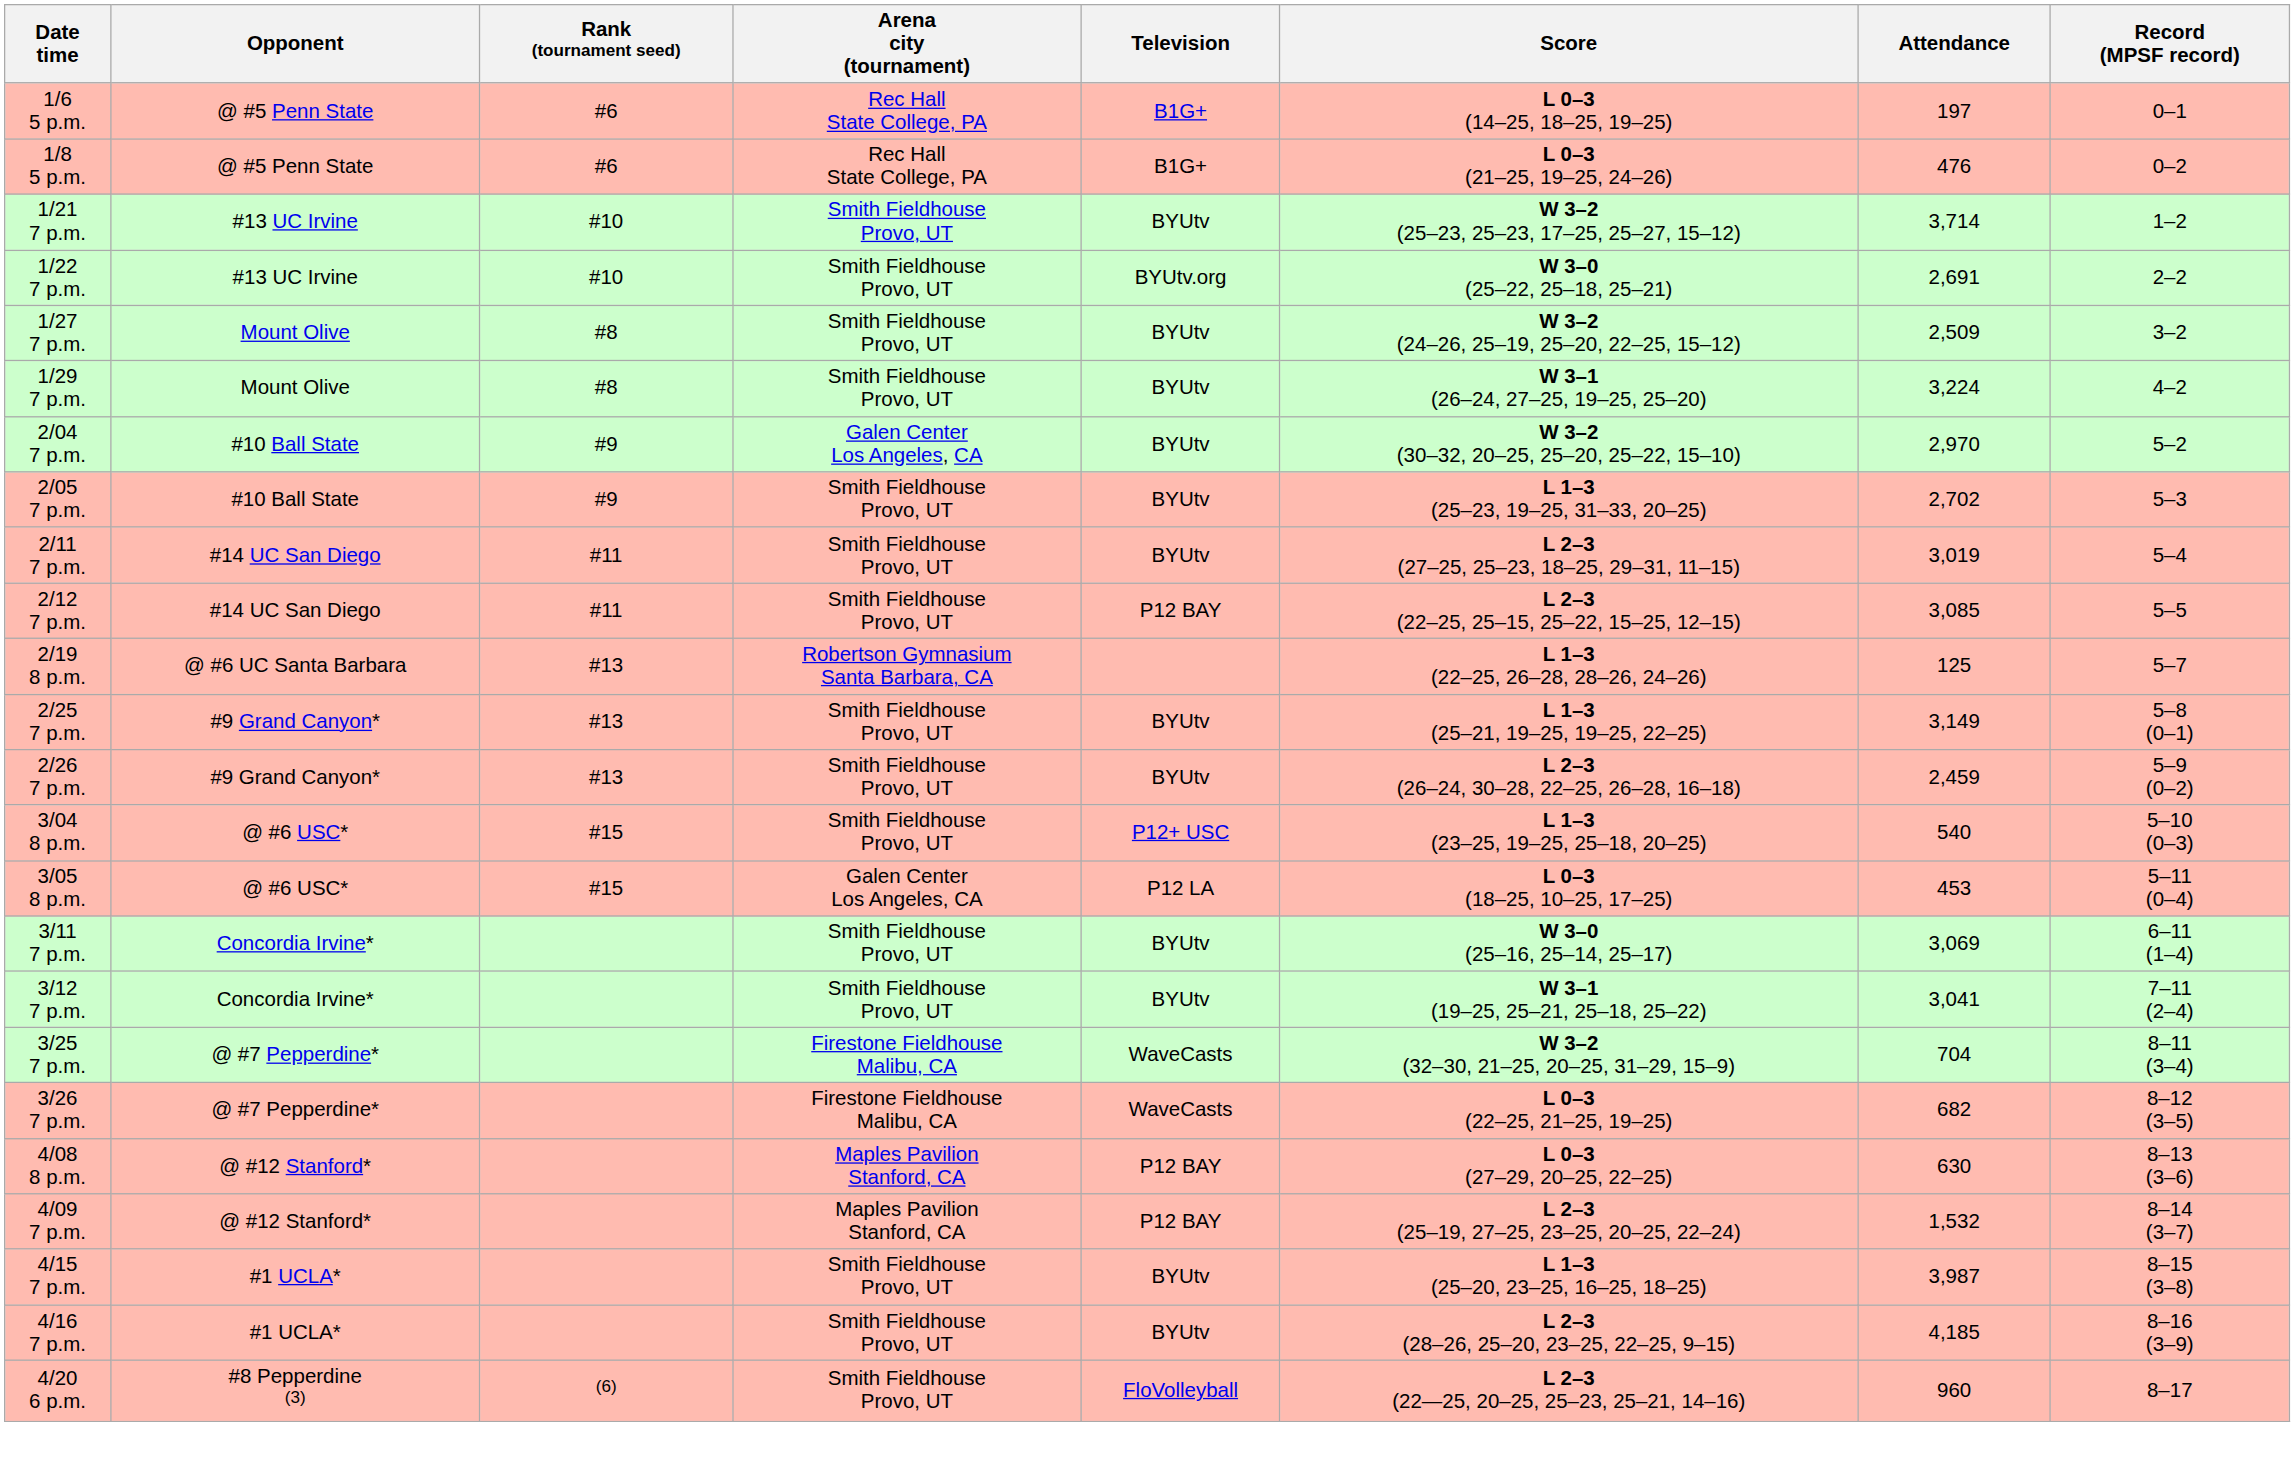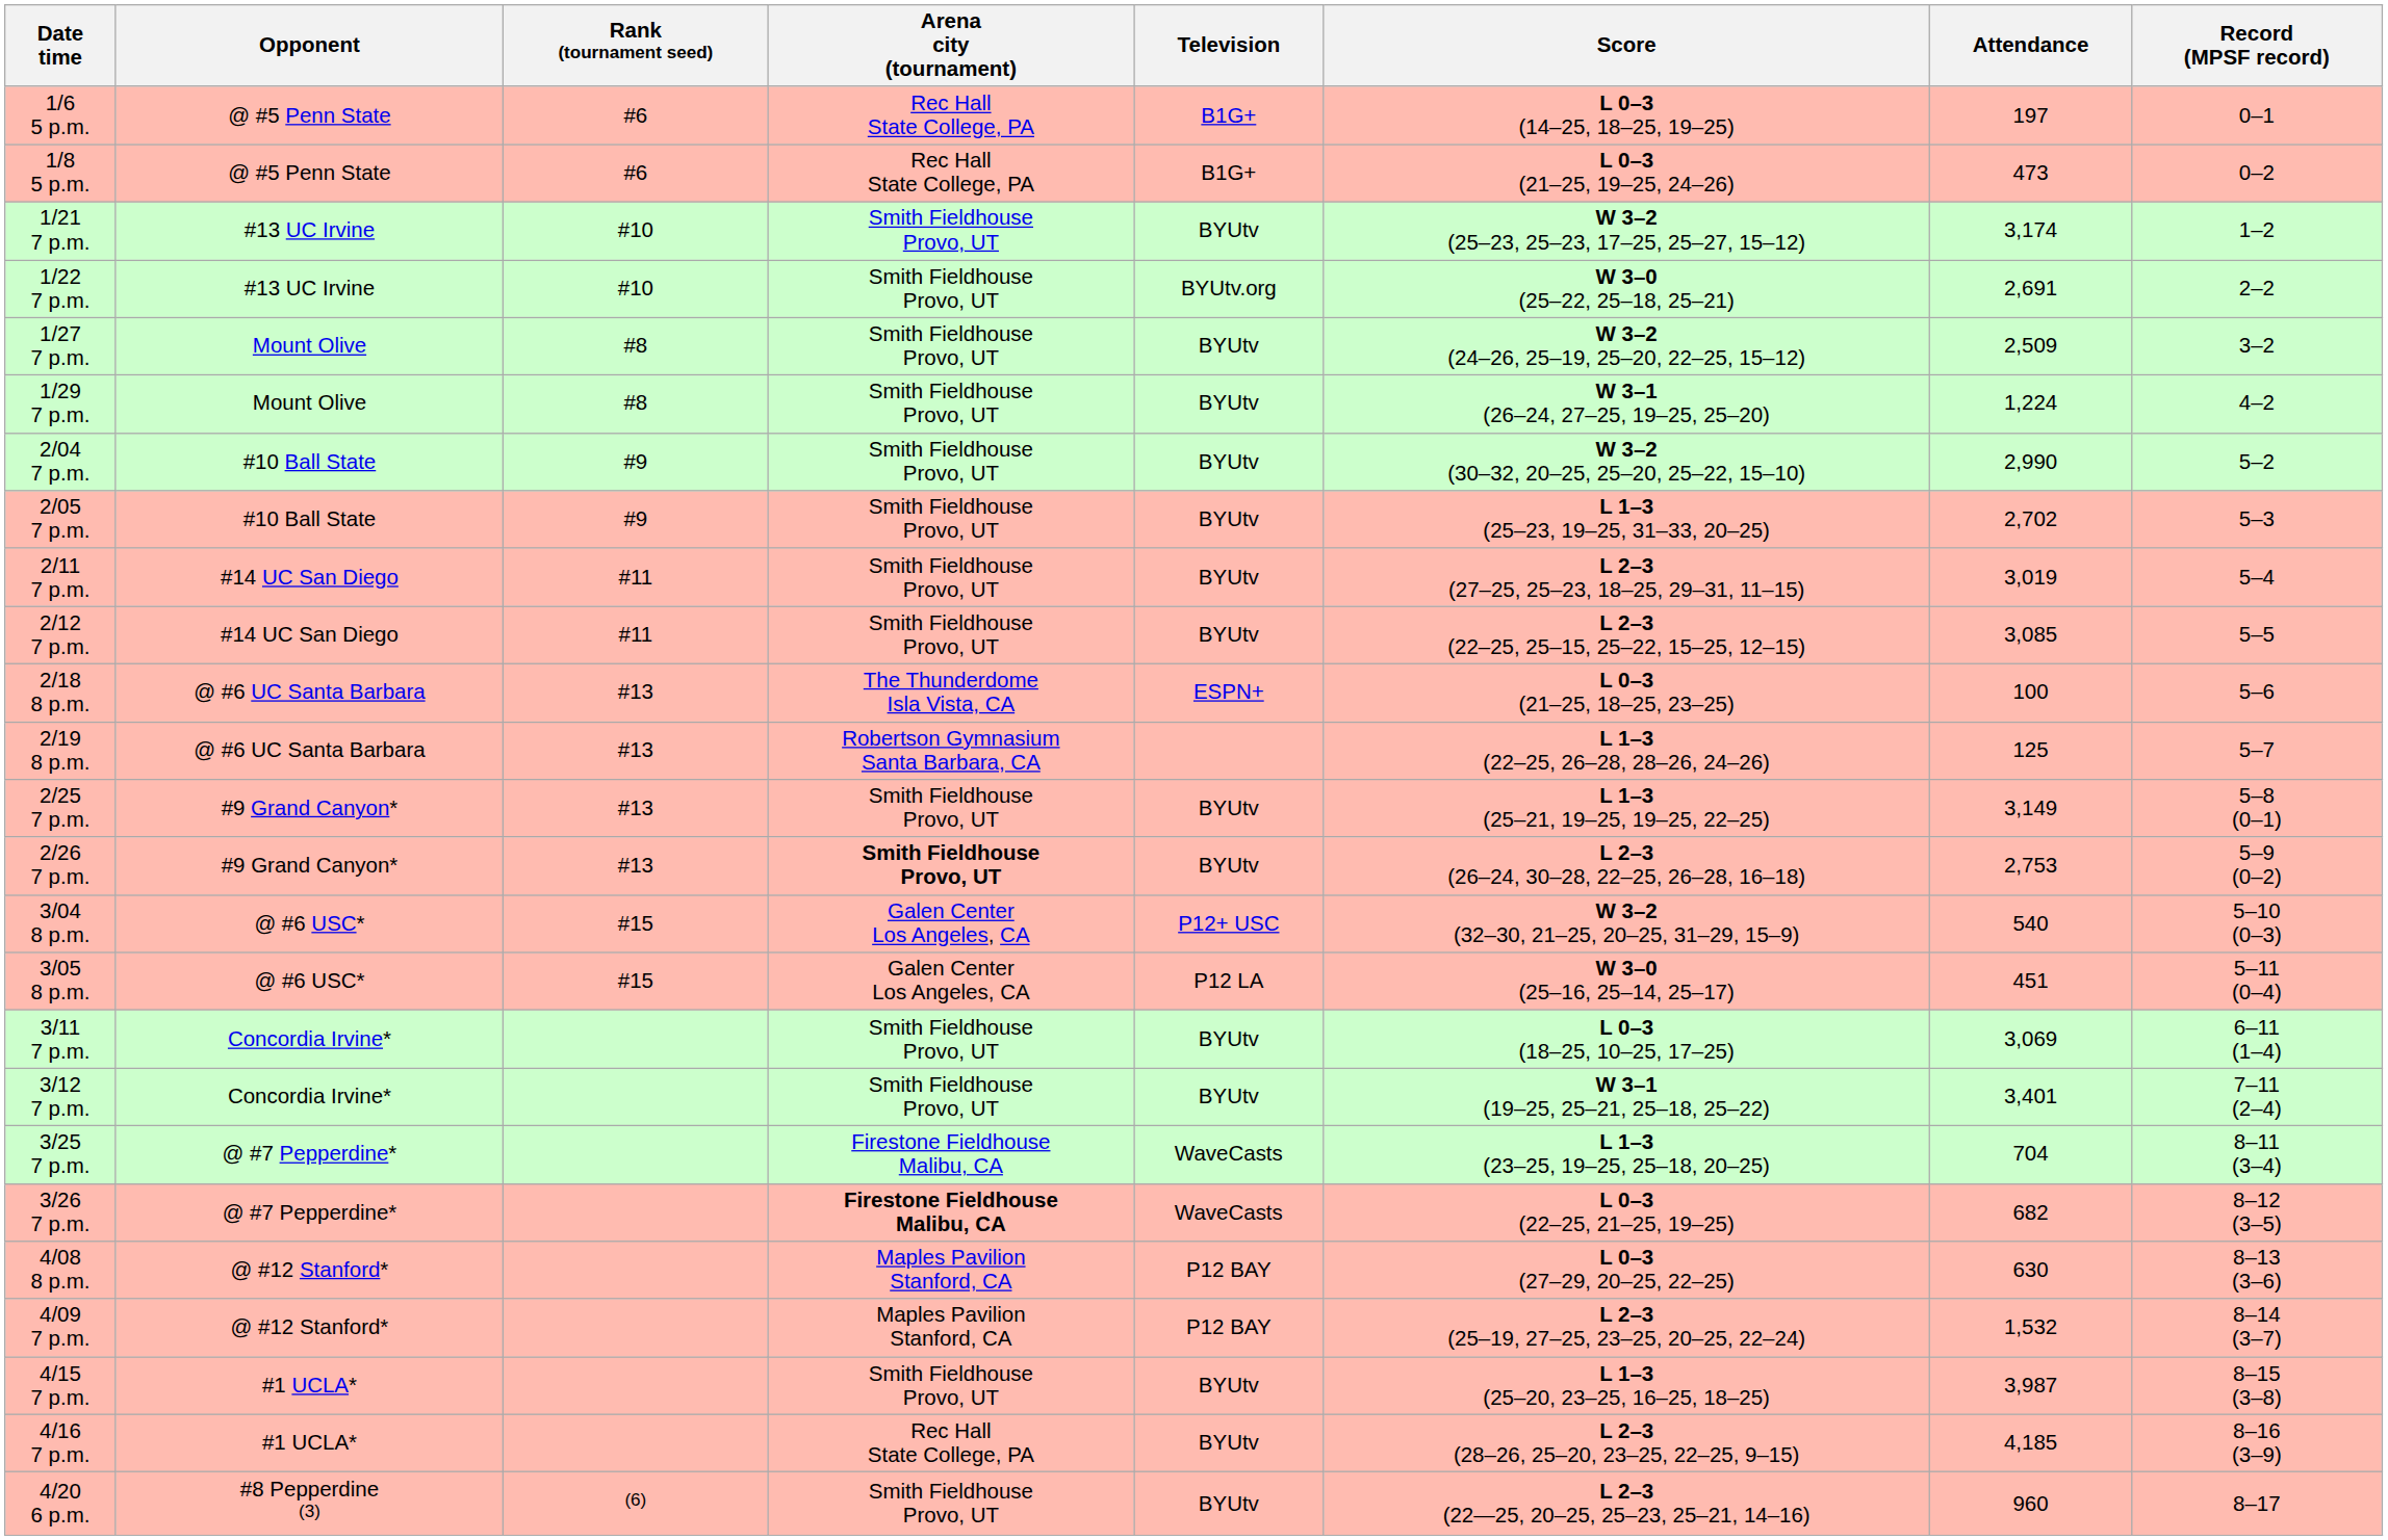 <table class="wikitable sortable" style="width:90%">
 <tr>
 <th>Date<br>time</th>
 <th>Opponent</th>
 <th>Rank<br><sup>(tournament seed)</sup></th>
 <th>Arena<br>city<br>(tournament)</th>
 <th>Television</th>
 <th>Score</th>
 <th>Attendance</th>
 <th>Record<br>(MPSF record)</th>
 </tr>
 <tr align="center" bgcolor="#ffbbb">
 <td>1/6<br>5 p.m.</td>
 <td>@ #5 <a href='#'>Penn State</a></td>
 <td>#6</td>
 <td><a href='#'>Rec Hall</a><br><a href='#'>State College, PA</a></td>
 <td><a href='#'>B1G+</a></td>
 <td><strong>L 0–3</strong><br>(14–25, 18–25, 19–25)</td>
 <td>197</td>
 <td>0–1</td>
 </tr>
 <tr align="center" bgcolor="#ffbbb">
 <td>1/8<br>5 p.m.</td>
 <td>@ #5 Penn State</td>
 <td>#6</td>
 <td>Rec Hall<br>State College, PA</td>
 <td>B1G+</td>
 <td><strong>L 0–3</strong><br>(21–25, 19–25, 24–26)</td>
-<td>476</td>
+<td>473</td>
 <td>0–2</td>
 </tr>
 <tr align="center" bgcolor="#ccffcc">
 <td>1/21<br>7 p.m.</td>
 <td>#13 <a href='#'>UC Irvine</a></td>
 <td>#10</td>
 <td><a href='#'>Smith Fieldhouse</a><br><a href='#'>Provo, UT</a></td>
 <td>BYUtv</td>
 <td><strong>W 3–2</strong><br> (25–23, 25–23, 17–25, 25–27, 15–12)</td>
-<td>3,714</td>
+<td>3,174</td>
 <td>1–2</td>
 </tr>
 <tr align="center" bgcolor="#ccffcc">
 <td>1/22<br>7 p.m.</td>
 <td>#13 UC Irvine</td>
 <td>#10</td>
 <td>Smith Fieldhouse<br>Provo, UT</td>
 <td>BYUtv.org</td>
 <td><strong>W 3–0</strong><br>(25–22, 25–18, 25–21)</td>
 <td>2,691</td>
 <td>2–2</td>
 </tr>
 <tr align="center" bgcolor="#ccffcc">
 <td>1/27<br>7 p.m.</td>
 <td><a href='#'>Mount Olive</a></td>
 <td>#8</td>
 <td>Smith Fieldhouse<br>Provo, UT</td>
 <td>BYUtv</td>
 <td><strong>W 3–2</strong><br>(24–26, 25–19, 25–20, 22–25, 15–12)</td>
 <td>2,509</td>
 <td>3–2</td>
 </tr>
 <tr align="center" bgcolor="#ccffcc">
 <td>1/29<br>7 p.m.</td>
 <td>Mount Olive</td>
 <td>#8</td>
 <td>Smith Fieldhouse<br>Provo, UT</td>
 <td>BYUtv</td>
 <td><strong>W 3–1</strong><br>(26–24, 27–25, 19–25, 25–20)</td>
-<td>3,224</td>
+<td>1,224</td>
 <td>4–2</td>
 </tr>
 <tr align="center" bgcolor="#ccffcc">
 <td>2/04<br>7 p.m.</td>
 <td>#10 <a href='#'>Ball State</a></td>
 <td>#9</td>
-<td><a href='#'>Galen Center</a><br><a href='#'>Los Angeles</a>, <a href='#'>CA</a></td>
+<td>Smith Fieldhouse<br>Provo, UT</td>
 <td>BYUtv</td>
 <td><strong>W 3–2</strong><br>(30–32, 20–25, 25–20, 25–22, 15–10)</td>
-<td>2,970</td>
+<td>2,990</td>
 <td>5–2</td>
 </tr>
 <tr align="center" bgcolor="#ffbbb">
 <td>2/05<br>7 p.m.</td>
 <td>#10 Ball State</td>
 <td>#9</td>
 <td>Smith Fieldhouse<br>Provo, UT</td>
 <td>BYUtv</td>
 <td><strong>L 1–3</strong><br>(25–23, 19–25, 31–33, 20–25)</td>
 <td>2,702</td>
 <td>5–3</td>
 </tr>
 <tr align="center" bgcolor="#ffbbb">
 <td>2/11<br>7 p.m.</td>
 <td>#14 <a href='#'>UC San Diego</a></td>
 <td>#11</td>
 <td>Smith Fieldhouse<br>Provo, UT</td>
 <td>BYUtv</td>
 <td><strong>L 2–3</strong><br>(27–25, 25–23, 18–25, 29–31, 11–15)</td>
 <td>3,019</td>
 <td>5–4</td>
 </tr>
 <tr align="center" bgcolor="#ffbbb">
 <td>2/12<br>7 p.m.</td>
 <td>#14 UC San Diego</td>
 <td>#11</td>
 <td>Smith Fieldhouse<br>Provo, UT</td>
-<td>P12 BAY</td>
+<td>BYUtv</td>
 <td><strong>L 2–3</strong><br>(22–25, 25–15, 25–22, 15–25, 12–15)</td>
 <td>3,085</td>
 <td>5–5</td>
+</tr>
+<tr align="center" bgcolor="#ffbbb">
+<td>2/18<br>8 p.m.</td>
+<td>@ #6 <a href='#'>UC Santa Barbara</a></td>
+<td>#13</td>
+<td><a href='#'>The Thunderdome</a><br><a href='#'>Isla Vista, CA</a></td>
+<td><a href='#'>ESPN+</a></td>
+<td><strong>L 0–3</strong><br>(21–25, 18–25, 23–25)</td>
+<td>100</td>
+<td>5–6</td>
 </tr>
 <tr align="center" bgcolor="#ffbbb">
 <td>2/19<br>8 p.m.</td>
 <td>@ #6 UC Santa Barbara</td>
 <td>#13</td>
 <td><a href='#'>Robertson Gymnasium</a><br><a href='#'>Santa Barbara, CA</a></td>
 <td></td>
 <td><strong>L 1–3</strong><br>(22–25, 26–28, 28–26, 24–26)</td>
 <td>125</td>
 <td>5–7</td>
 </tr>
 <tr align="center" bgcolor="#ffbbb">
 <td>2/25<br>7 p.m.</td>
 <td>#9 <a href='#'>Grand Canyon</a>*</td>
 <td>#13</td>
 <td>Smith Fieldhouse<br>Provo, UT</td>
 <td>BYUtv</td>
 <td><strong>L 1–3</strong><br>(25–21, 19–25, 19–25, 22–25)</td>
 <td>3,149</td>
 <td>5–8<br>(0–1)</td>
 </tr>
 <tr align="center" bgcolor="#ffbbb">
 <td>2/26<br>7 p.m.</td>
 <td>#9 Grand Canyon*</td>
 <td>#13</td>
-<td>Smith Fieldhouse<br>Provo, UT</td>
+<td><strong>Smith Fieldhouse<br>Provo, UT</strong></td>
 <td>BYUtv</td>
 <td><strong>L 2–3</strong><br>(26–24, 30–28, 22–25, 26–28, 16–18)</td>
-<td>2,459</td>
+<td>2,753</td>
 <td>5–9<br>(0–2)</td>
 </tr>
 <tr align="center" bgcolor="#ffbbb">
 <td>3/04<br>8 p.m.</td>
 <td>@ #6 <a href='#'>USC</a>*</td>
 <td>#15</td>
-<td>Smith Fieldhouse<br>Provo, UT</td>
+<td><a href='#'>Galen Center</a><br><a href='#'>Los Angeles</a>, <a href='#'>CA</a></td>
 <td><a href='#'>P12+ USC</a></td>
-<td><strong>L 1–3</strong><br>(23–25, 19–25, 25–18, 20–25)</td>
+<td><strong>W 3–2</strong><br>(32–30, 21–25, 20–25, 31–29, 15–9)</td>
 <td>540</td>
 <td>5–10<br>(0–3)</td>
 </tr>
 <tr align="center" bgcolor="#ffbbb">
 <td>3/05<br>8 p.m.</td>
 <td>@ #6 USC*</td>
 <td>#15</td>
 <td>Galen Center<br>Los Angeles, CA</td>
 <td>P12 LA</td>
-<td><strong>L 0–3</strong><br>(18–25, 10–25, 17–25)</td>
-<td>453</td>
+<td><strong>W 3–0</strong><br>(25–16, 25–14, 25–17)</td>
+<td>451</td>
 <td>5–11<br>(0–4)</td>
 </tr>
 <tr align="center" bgcolor="#ccffcc">
 <td>3/11<br>7 p.m.</td>
 <td><a href='#'>Concordia Irvine</a>*</td>
 <td></td>
 <td>Smith Fieldhouse<br>Provo, UT</td>
 <td>BYUtv</td>
-<td><strong>W 3–0</strong><br>(25–16, 25–14, 25–17)</td>
+<td><strong>L 0–3</strong><br>(18–25, 10–25, 17–25)</td>
 <td>3,069</td>
 <td>6–11<br>(1–4)</td>
 </tr>
 <tr align="center" bgcolor="#ccffcc">
 <td>3/12<br>7 p.m.</td>
 <td>Concordia Irvine*</td>
 <td></td>
 <td>Smith Fieldhouse<br>Provo, UT</td>
 <td>BYUtv</td>
 <td><strong>W 3–1</strong><br>(19–25, 25–21, 25–18, 25–22)</td>
-<td>3,041</td>
+<td>3,401</td>
 <td>7–11<br>(2–4)</td>
 </tr>
 <tr align="center" bgcolor="#ccffcc">
 <td>3/25<br>7 p.m.</td>
 <td>@ #7 <a href='#'>Pepperdine</a>*</td>
 <td></td>
 <td><a href='#'>Firestone Fieldhouse</a><br><a href='#'>Malibu, CA</a></td>
 <td>WaveCasts</td>
-<td><strong>W 3–2</strong><br>(32–30, 21–25, 20–25, 31–29, 15–9)</td>
+<td><strong>L 1–3</strong><br>(23–25, 19–25, 25–18, 20–25)</td>
 <td>704</td>
 <td>8–11<br>(3–4)</td>
 </tr>
 <tr align="center" bgcolor="#ffbbb">
 <td>3/26<br>7 p.m.</td>
 <td>@ #7 Pepperdine*</td>
 <td></td>
-<td>Firestone Fieldhouse<br>Malibu, CA</td>
+<td><strong>Firestone Fieldhouse<br>Malibu, CA</strong></td>
 <td>WaveCasts</td>
 <td><strong>L 0–3</strong><br>(22–25, 21–25, 19–25)</td>
 <td>682</td>
 <td>8–12<br>(3–5)</td>
 </tr>
 <tr align="center" bgcolor="#ffbbb">
 <td>4/08<br>8 p.m.</td>
 <td>@ #12 <a href='#'>Stanford</a>*</td>
 <td></td>
 <td><a href='#'>Maples Pavilion</a><br><a href='#'>Stanford, CA</a></td>
 <td>P12 BAY</td>
 <td><strong>L 0–3</strong><br>(27–29, 20–25, 22–25)</td>
 <td>630</td>
 <td>8–13<br>(3–6)</td>
 </tr>
 <tr align="center" bgcolor="#ffbbb">
 <td>4/09<br>7 p.m.</td>
 <td>@ #12 Stanford*</td>
 <td></td>
 <td>Maples Pavilion<br>Stanford, CA</td>
 <td>P12 BAY</td>
 <td><strong>L 2–3</strong><br>(25–19, 27–25, 23–25, 20–25, 22–24)</td>
 <td>1,532</td>
 <td>8–14<br>(3–7)</td>
 </tr>
 <tr align="center" bgcolor="#ffbbb">
 <td>4/15<br>7 p.m.</td>
 <td>#1 <a href='#'>UCLA</a>*</td>
 <td></td>
 <td>Smith Fieldhouse<br>Provo, UT</td>
 <td>BYUtv</td>
 <td><strong>L 1–3</strong><br>(25–20, 23–25, 16–25, 18–25)</td>
 <td>3,987</td>
 <td>8–15<br>(3–8)</td>
 </tr>
 <tr align="center" bgcolor="#ffbbb">
 <td>4/16<br>7 p.m.</td>
 <td>#1 UCLA*</td>
 <td></td>
-<td>Smith Fieldhouse<br>Provo, UT</td>
+<td>Rec Hall<br>State College, PA</td>
 <td>BYUtv</td>
 <td><strong>L 2–3</strong><br>(28–26, 25–20, 23–25, 22–25, 9–15)</td>
 <td>4,185</td>
 <td>8–16<br>(3–9)</td>
 </tr>
 <tr align="center" bgcolor="#ffbbb">
 <td>4/20<br>6 p.m.</td>
 <td>#8 Pepperdine<br><sup>(3)</sup></td>
 <td><sup>(6)</sup></td>
 <td>Smith Fieldhouse<br>Provo, UT</td>
-<td><a href='#'>FloVolleyball</a></td>
+<td>BYUtv</td>
 <td><strong>L 2–3</strong><br>(22—25, 20–25, 25–23, 25–21, 14–16)</td>
 <td>960</td>
 <td>8–17</td>
 </tr>
 <tr>
 </tr>
 </table>
